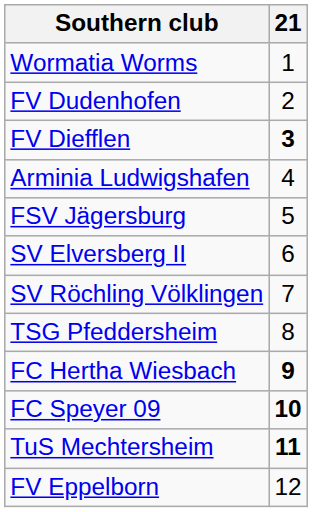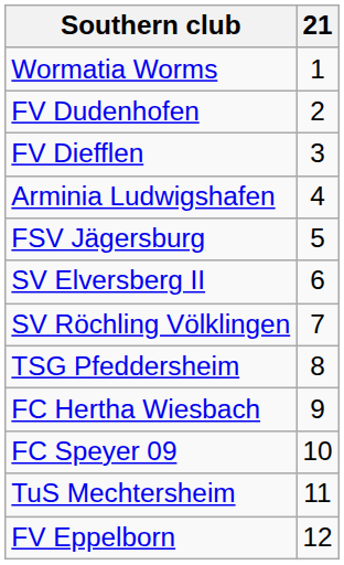 <table class="wikitable sortable">
 <tr>
 <th>Southern club</th>
 <th class="unsortable">21</th>
 </tr>
 <tr align="center">
 <td align="left"><a href='#'>Wormatia Worms</a></td>
 <td>1</td>
 </tr>
 <tr align="center">
 <td align="left"><a href='#'>FV Dudenhofen</a></td>
 <td>2</td>
 </tr>
 <tr align="center">
 <td align="left"><a href='#'>FV Diefflen</a></td>
-<td><strong>3</strong></td>
+<td>3</td>
 </tr>
 <tr align="center">
 <td align="left"><a href='#'>Arminia Ludwigshafen</a></td>
 <td>4</td>
 </tr>
 <tr align="center">
 <td align="left"><a href='#'>FSV Jägersburg</a></td>
 <td>5</td>
 </tr>
 <tr align="center">
 <td align="left"><a href='#'>SV Elversberg II</a></td>
 <td>6</td>
 </tr>
 <tr align="center">
 <td align="left"><a href='#'>SV Röchling Völklingen</a></td>
 <td>7</td>
 </tr>
 <tr align="center">
 <td align="left"><a href='#'>TSG Pfeddersheim</a></td>
 <td>8</td>
 </tr>
 <tr align="center">
 <td align="left"><a href='#'>FC Hertha Wiesbach</a></td>
-<td><strong>9</strong></td>
+<td>9</td>
 </tr>
 <tr align="center">
 <td align="left"><a href='#'>FC Speyer 09</a></td>
-<td><strong>10</strong></td>
+<td>10</td>
 </tr>
 <tr align="center">
 <td align="left"><a href='#'>TuS Mechtersheim</a></td>
-<td><strong>11</strong></td>
+<td>11</td>
 </tr>
 <tr align="center">
 <td align="left"><a href='#'>FV Eppelborn</a></td>
 <td>12</td>
 </tr>
 </table>
